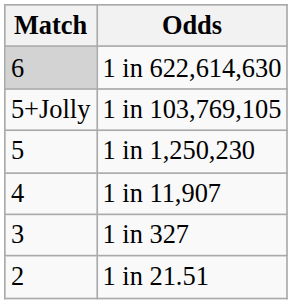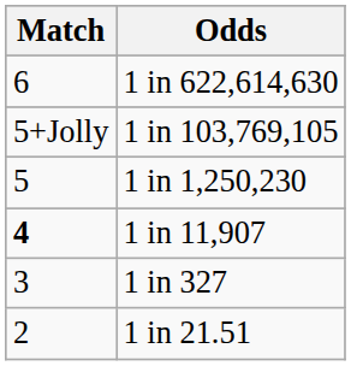 <table class="wikitable">
 <tr>
 <th>Match</th>
 <th>Odds</th>
 </tr>
 <tr>
-<td style="background: lightgrey;">6</td>
+<td>6</td>
 <td>1 in 622,614,630</td>
 </tr>
 <tr>
 <td>5+Jolly</td>
 <td>1 in 103,769,105</td>
 </tr>
 <tr>
 <td>5</td>
 <td>1 in 1,250,230</td>
 </tr>
 <tr>
-<td>4</td>
+<td><strong>4</strong></td>
 <td>1 in 11,907</td>
 </tr>
 <tr>
 <td>3</td>
 <td>1 in 327</td>
 </tr>
 <tr>
 <td>2</td>
 <td>1 in 21.51</td>
 </tr>
 </table>
